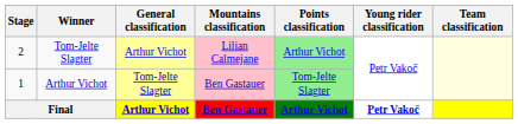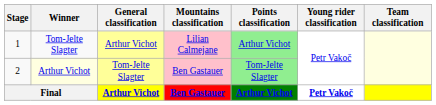 <table class="wikitable" style="text-align: center; font-size:smaller;">
 <tr style="background:#efefef;">
 <th style="width:2%;">Stage</th>
 <th style="width:15%">Winner</th>
 <th style="width:15%">General classification<br></th>
 <th style="width:15%">Mountains classification<br></th>
 <th style="width:15%">Points classification<br></th>
 <th style="width:15%">Young rider classification<br></th>
 <th style="width:15%">Team classification</th>
 </tr>
 <tr>
-<td>2</td>
+<td>1</td>
 <td><a href='#'>Tom-Jelte Slagter</a></td>
 <td style="background:#FFFF99;"><a href='#'>Arthur Vichot</a></td>
 <td style="background:pink;"><a href='#'>Lilian Calmejane</a></td>
 <td style="background:lightgreen;"><a href='#'>Arthur Vichot</a></td>
 <td style="background:white;" rowspan=2><a href='#'>Petr Vakoč</a></td>
 <td style="background:lightyellow;" rowspan=2></td>
 </tr>
 <tr>
-<td>1</td>
-<td><a href='#'>Arthur Vichot</a></td>
+<td>2</td>
+<td style="background: lightyellow;"><a href='#'>Arthur Vichot</a></td>
 <td style="background:#FFFF99;"><a href='#'>Tom-Jelte Slagter</a></td>
 <td style="background:pink;"><a href='#'>Ben Gastauer</a></td>
 <td style="background:lightgreen;"><a href='#'>Tom-Jelte Slagter</a></td>
 </tr>
 <tr>
 <th scope=row colspan=2>Final</th>
 <th style="background:yellow;"><a href='#'>Arthur Vichot</a></th>
 <th style="background:red;"><a href='#'>Ben Gastauer</a></th>
 <th style="background:green;"><a href='#'>Arthur Vichot</a></th>
 <th style="background:white;"><a href='#'>Petr Vakoč</a></th>
 <th style="background:yellow;"></th>
 </tr>
 </table>
